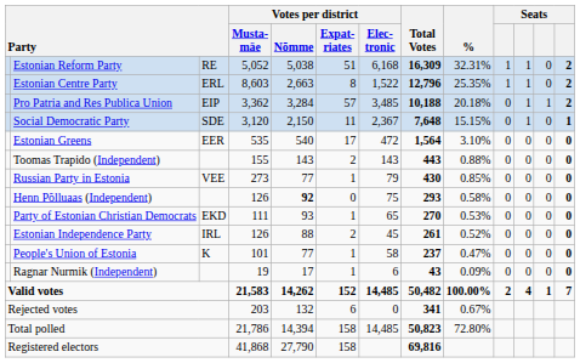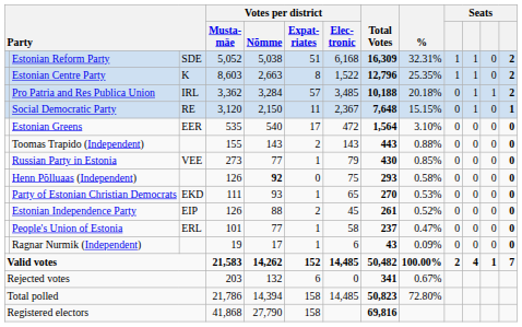 <table class="wikitable" border="1" style="text-align:right;">
 <tr>
 <th style="text-align:left;" valign=bottom rowspan=2 colspan=3>Party</th>
 <th colspan=4>Votes per district</th>
 <th align=center valign=bottom rowspan=2 width="50">Total Votes</th>
 <th align=center valign=bottom rowspan=2 width="50">%</th>
 <th colspan=4>Seats</th>
 </tr>
 <tr>
 <th align=center valign=bottom width="50"><a href='#'>Musta- mäe</a></th>
 <th align=center valign=bottom width="50"><a href='#'>Nõmme</a></th>
 <th align=center valign=bottom width="50"><a href='#'>Expat- riates</a></th>
 <th align=center valign=bottom width="50"><a href='#'>Elec- tronic</a></th>
 <th align=center valign=bottom width="20"><small></small></th>
 <th align=center valign=bottom width="20"><small></small></th>
 <th align=center valign=bottom width="20"><small></small></th>
 <th align=center valign=bottom width="20"><small></small></th>
 </tr>
 <tr style="background:#CEE0F2;">
 <td style="background:"></td>
 <td align=left><a href='#'>Estonian Reform Party</a></td>
-<td align=left>RE</td>
+<td align=left>SDE</td>
 <td>5,052</td>
 <td>5,038</td>
 <td>51</td>
 <td>6,168</td>
 <td><strong>16,309</strong></td>
 <td>32.31%</td>
 <td>1</td>
 <td>1</td>
 <td>0</td>
 <td><strong>2</strong></td>
 </tr>
 <tr style="background:#CEE0F2;">
 <td style="background:"></td>
 <td align=left><a href='#'>Estonian Centre Party</a></td>
-<td align=left>ERL</td>
+<td align=left>K</td>
 <td>8,603</td>
 <td>2,663</td>
 <td>8</td>
 <td>1,522</td>
 <td><strong>12,796</strong></td>
 <td>25.35%</td>
 <td>1</td>
 <td>1</td>
 <td>0</td>
 <td><strong>2</strong></td>
 </tr>
 <tr style="background:#CEE0F2;">
 <td style="background:"></td>
 <td align=left><a href='#'>Pro Patria and Res Publica Union</a></td>
-<td align=left>EIP</td>
+<td align=left>IRL</td>
 <td>3,362</td>
 <td>3,284</td>
 <td>57</td>
 <td>3,485</td>
 <td><strong>10,188</strong></td>
 <td>20.18%</td>
 <td>0</td>
 <td>1</td>
 <td>1</td>
 <td><strong>2</strong></td>
 </tr>
 <tr style="background:#CEE0F2;">
 <td style="background:"></td>
 <td align=left><a href='#'>Social Democratic Party</a></td>
-<td align=left>SDE</td>
+<td align=left>RE</td>
 <td>3,120</td>
 <td>2,150</td>
 <td>11</td>
 <td>2,367</td>
 <td><strong>7,648</strong></td>
 <td>15.15%</td>
 <td>0</td>
 <td>1</td>
 <td>0</td>
 <td><strong>1</strong></td>
 </tr>
 <tr>
 <td style="background:"></td>
 <td align=left><a href='#'>Estonian Greens</a></td>
 <td align=left>EER</td>
 <td>535</td>
 <td>540</td>
 <td>17</td>
 <td>472</td>
 <td><strong>1,564</strong></td>
 <td>3.10%</td>
 <td>0</td>
 <td>0</td>
 <td>0</td>
 <td><strong>0</strong></td>
 </tr>
 <tr>
 <td style="background:"></td>
 <td align=left>Toomas Trapido (<a href='#'>Independent</a>)</td>
 <td></td>
 <td>155</td>
 <td>143</td>
 <td>2</td>
 <td>143</td>
 <td><strong>443</strong></td>
 <td>0.88%</td>
 <td>0</td>
 <td>0</td>
 <td>0</td>
 <td><strong>0</strong></td>
 </tr>
 <tr>
 <td></td>
 <td align=left><a href='#'>Russian Party in Estonia</a></td>
 <td align=left>VEE</td>
 <td>273</td>
 <td>77</td>
 <td>1</td>
 <td>79</td>
 <td><strong>430</strong></td>
 <td>0.85%</td>
 <td>0</td>
 <td>0</td>
 <td>0</td>
 <td><strong>0</strong></td>
 </tr>
 <tr>
 <td style="background:"></td>
 <td align=left><a href='#'>Henn Põlluaas</a> (<a href='#'>Independent</a>)</td>
 <td></td>
 <td>126</td>
 <td><strong>92</strong></td>
 <td>0</td>
 <td>75</td>
 <td><strong>293</strong></td>
 <td>0.58%</td>
 <td>0</td>
 <td>0</td>
 <td>0</td>
 <td><strong>0</strong></td>
 </tr>
 <tr>
 <td style="background:"></td>
 <td align=left><a href='#'>Party of Estonian Christian Democrats</a></td>
 <td align=left>EKD</td>
 <td>111</td>
 <td>93</td>
 <td>1</td>
 <td>65</td>
 <td><strong>270</strong></td>
 <td>0.53%</td>
 <td>0</td>
 <td>0</td>
 <td>0</td>
 <td><strong>0</strong></td>
 </tr>
 <tr>
 <td style="background:"></td>
 <td align=left><a href='#'>Estonian Independence Party</a></td>
-<td align=left>IRL</td>
+<td align=left>EIP</td>
 <td>126</td>
 <td>88</td>
 <td>2</td>
 <td>45</td>
 <td><strong>261</strong></td>
 <td>0.52%</td>
 <td>0</td>
 <td>0</td>
 <td>0</td>
 <td><strong>0</strong></td>
 </tr>
 <tr>
 <td style="background:"></td>
 <td align=left><a href='#'>People's Union of Estonia</a></td>
-<td align=left>K</td>
+<td align=left>ERL</td>
 <td>101</td>
 <td>77</td>
 <td>1</td>
 <td>58</td>
 <td><strong>237</strong></td>
 <td>0.47%</td>
 <td>0</td>
 <td>0</td>
 <td>0</td>
 <td><strong>0</strong></td>
 </tr>
 <tr>
 <td style="background:"></td>
 <td align=left>Ragnar Nurmik (<a href='#'>Independent</a>)</td>
 <td></td>
 <td>19</td>
 <td>17</td>
 <td>1</td>
 <td>6</td>
 <td><strong>43</strong></td>
 <td>0.09%</td>
 <td>0</td>
 <td>0</td>
 <td>0</td>
 <td><strong>0</strong></td>
 </tr>
 <tr style="font-weight:bold">
 <td align=left colspan=3>Valid votes</td>
 <td>21,583</td>
 <td>14,262</td>
 <td>152</td>
 <td>14,485</td>
 <td>50,482</td>
 <td>100.00%</td>
 <td>2</td>
 <td>4</td>
 <td>1</td>
 <td>7</td>
 </tr>
 <tr>
 <td align=left colspan=3>Rejected votes</td>
 <td>203</td>
 <td>132</td>
 <td>6</td>
 <td>0</td>
 <td><strong>341</strong></td>
 <td>0.67%</td>
 <td></td>
 <td></td>
 <td></td>
 <td></td>
 </tr>
 <tr>
 <td align=left colspan=3>Total polled</td>
 <td>21,786</td>
 <td>14,394</td>
 <td>158</td>
 <td>14,485</td>
 <td><strong>50,823</strong></td>
 <td>72.80%</td>
 <td></td>
 <td></td>
 <td></td>
 <td></td>
 </tr>
 <tr>
 <td align=left colspan=3>Registered electors</td>
 <td>41,868</td>
 <td>27,790</td>
 <td>158</td>
 <td></td>
 <td><strong>69,816</strong></td>
 <td></td>
 <td></td>
 <td></td>
 <td></td>
 <td></td>
 </tr>
 </table>
